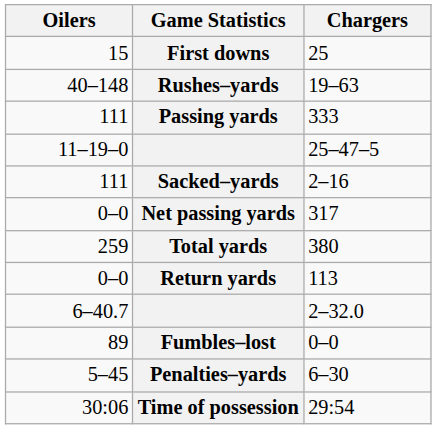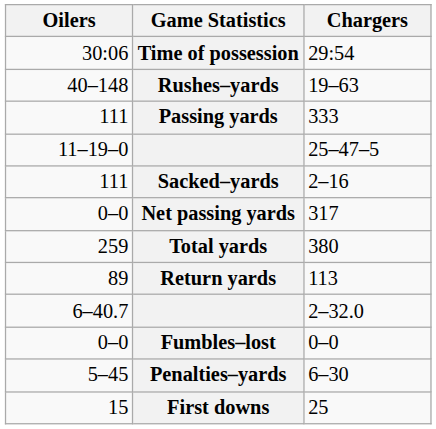 <table class="wikitable" style="margin: 1em auto 1em auto">
 <tr>
 <th style="width:30%;">Oilers</th>
 <th style="width:40%;">Game Statistics</th>
 <th style="width:30%;">Chargers</th>
 </tr>
 <tr>
-<td style="text-align:right;">15</td>
-<th>First downs</th>
-<td>25</td>
+<td style="text-align:right;">30:06</td>
+<th>Time of possession</th>
+<td>29:54</td>
 </tr>
 <tr>
 <td style="text-align:right;">40–148</td>
 <th>Rushes–yards</th>
 <td>19–63</td>
 </tr>
 <tr>
 <td style="text-align:right;">111</td>
 <th>Passing yards</th>
 <td>333</td>
 </tr>
 <tr>
 <td style="text-align:right;">11–19–0</td>
 <th></th>
 <td>25–47–5</td>
 </tr>
 <tr>
 <td style="text-align:right;">111</td>
 <th>Sacked–yards</th>
 <td>2–16</td>
 </tr>
 <tr>
 <td style="text-align:right;">0–0</td>
 <th>Net passing yards</th>
 <td>317</td>
 </tr>
 <tr>
 <td style="text-align:right;">259</td>
 <th>Total yards</th>
 <td>380</td>
 </tr>
 <tr>
-<td style="text-align:right;">0–0</td>
+<td style="text-align:right;">89</td>
 <th>Return yards</th>
 <td>113</td>
 </tr>
 <tr>
 <td style="text-align:right;">6–40.7</td>
 <th></th>
 <td>2–32.0</td>
 </tr>
 <tr>
-<td style="text-align:right;">89</td>
+<td style="text-align:right;">0–0</td>
 <th>Fumbles–lost</th>
 <td>0–0</td>
 </tr>
 <tr>
 <td style="text-align:right;">5–45</td>
 <th>Penalties–yards</th>
 <td>6–30</td>
 </tr>
 <tr>
-<td style="text-align:right;">30:06</td>
-<th>Time of possession</th>
-<td>29:54</td>
+<td style="text-align:right;">15</td>
+<th>First downs</th>
+<td>25</td>
 </tr>
 </table>
